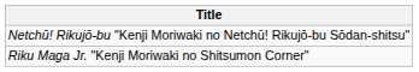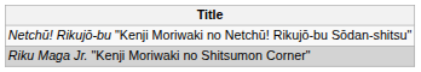 <table class="wikitable">
 <tr>
 <th>Title</th>
 </tr>
 <tr>
 <td><em>Netchū! Rikujō-bu</em> "Kenji Moriwaki no Netchū! Rikujō-bu Sōdan-shitsu"</td>
 </tr>
 <tr>
-<td><em>Riku Maga Jr.</em> "Kenji Moriwaki no Shitsumon Corner"</td>
+<td style="background: lightgrey;"><em>Riku Maga Jr.</em> "Kenji Moriwaki no Shitsumon Corner"</td>
 </tr>
 </table>
